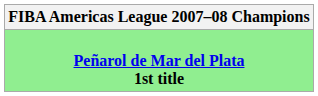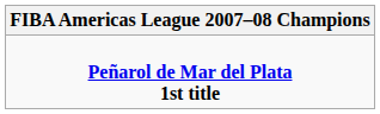 <table class=wikitable style="text-align:center; margin:auto">
 <tr>
 <th>FIBA Americas League 2007–08 Champions</th>
 </tr>
 <tr>
-<td style="background: lightgreen;"><br> <strong><a href='#'>Peñarol de Mar del Plata</a></strong> <br> <strong>1st title</strong></td>
+<td><br> <strong><a href='#'>Peñarol de Mar del Plata</a></strong> <br> <strong>1st title</strong></td>
 </tr>
 </table>
